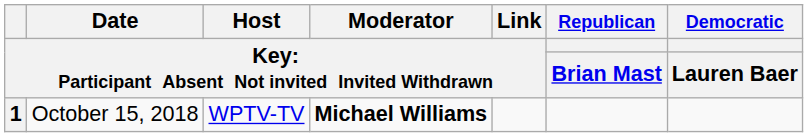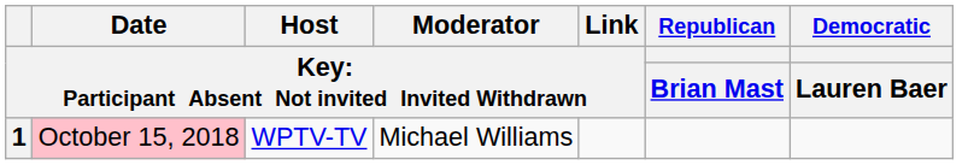 <table class="wikitable" style="text-align:center;">
 <tr>
 <th scope="col"></th>
 <th scope="col">Date</th>
 <th scope="col">Host</th>
 <th scope="col">Moderator</th>
 <th scope="col">Link</th>
 <th scope="col"><small><a href='#'>Republican</a></small></th>
 <th scope="col"><small><a href='#'>Democratic</a></small></th>
 </tr>
 <tr>
 <th colspan="5" rowspan="2">Key:<br> <small>Participant </small>  <small>Absent </small>  <small>Not invited </small>  <small>Invited  Withdrawn</small></th>
 <th scope="col" style="background:"></th>
 <th scope="col" style="background:"></th>
 </tr>
 <tr>
 <th scope="col"><a href='#'>Brian Mast</a></th>
 <th scope="col">Lauren Baer</th>
 </tr>
 <tr>
 <th>1</th>
-<td style="white-space:nowrap;">October 15, 2018</td>
+<td style="background: pink; white-space:nowrap;">October 15, 2018</td>
 <td style="white-space:nowrap;"><a href='#'>WPTV-TV</a></td>
-<td style="white-space:nowrap;"><strong>Michael Williams</strong></td>
+<td style="white-space:nowrap;">Michael Williams</td>
 <td style="white-space:nowrap;"></td>
 <td></td>
 <td></td>
 </tr>
 </table>
